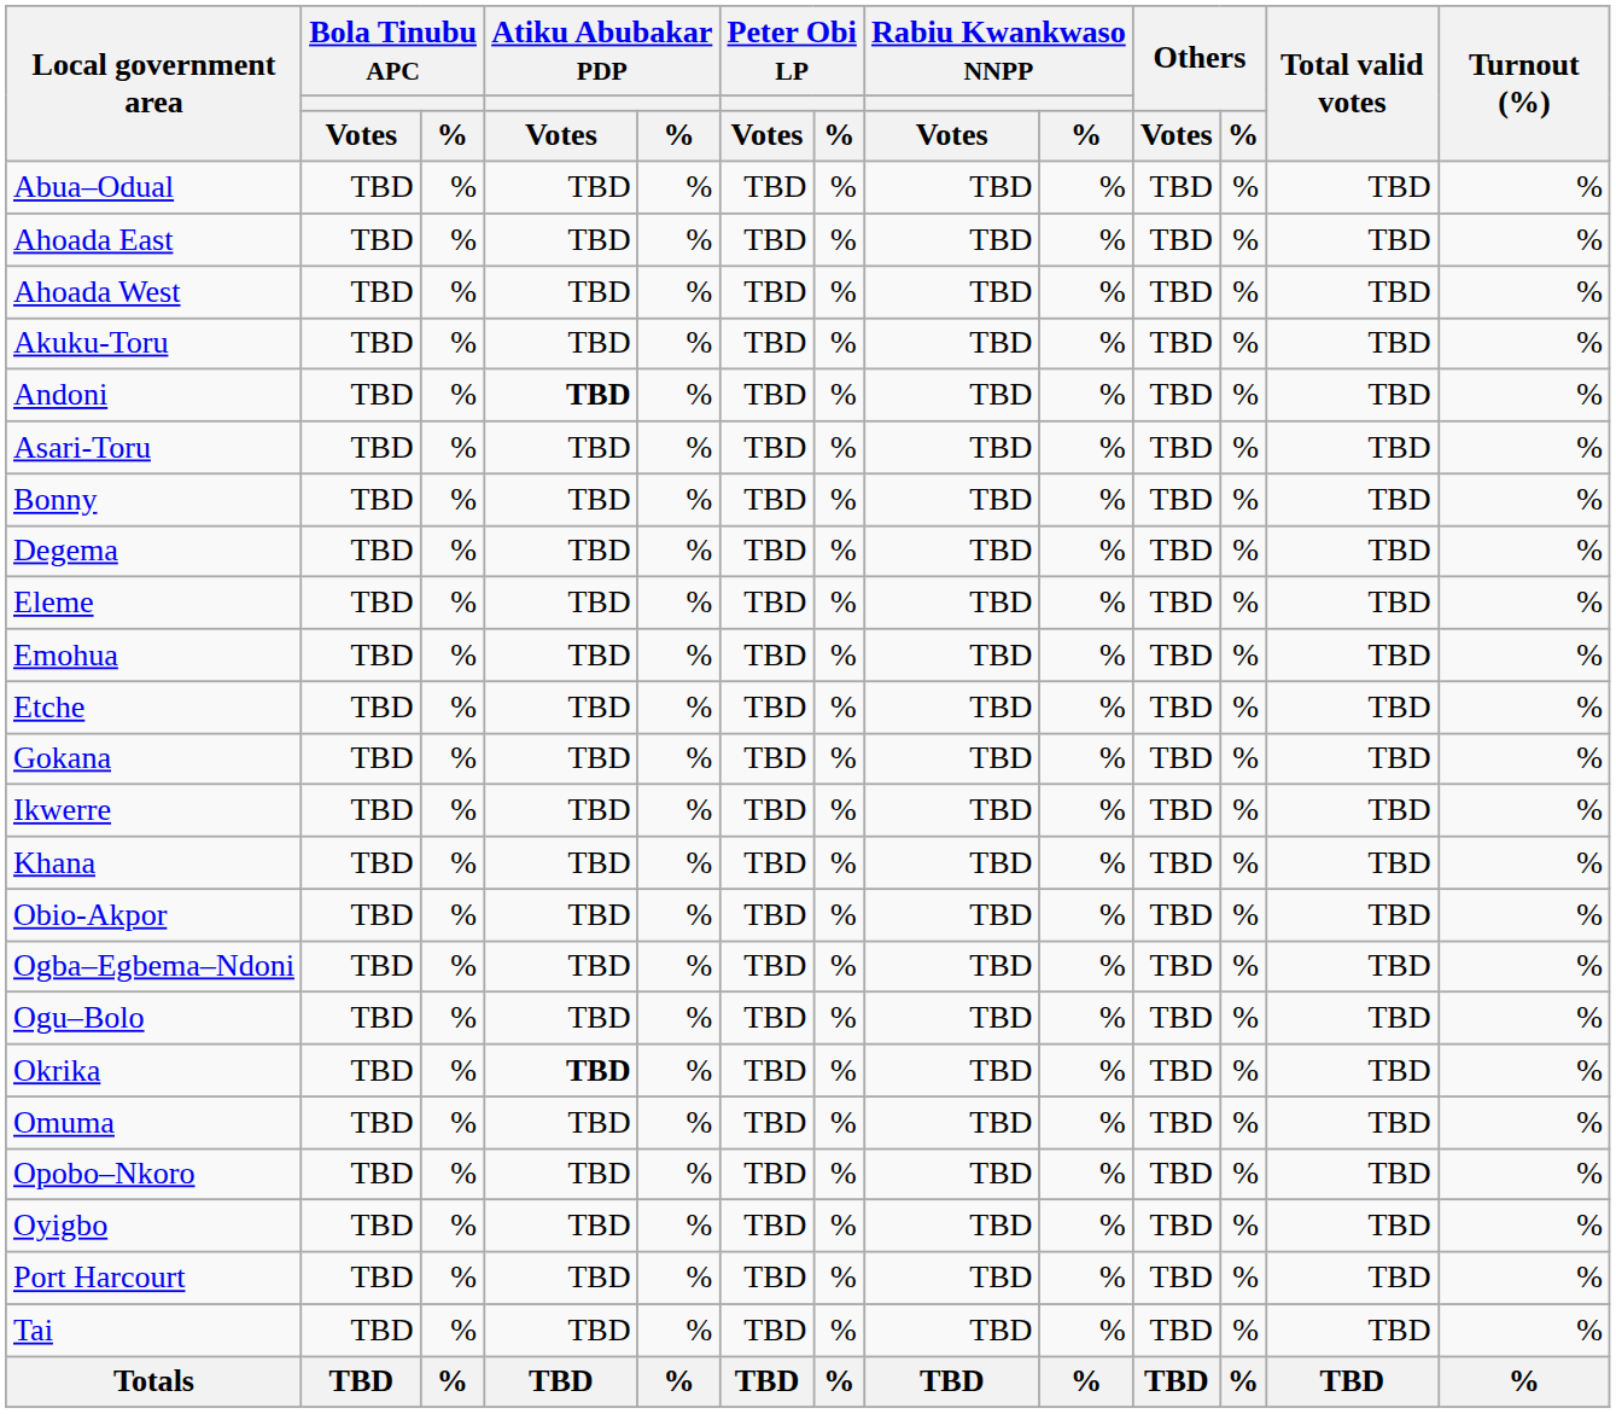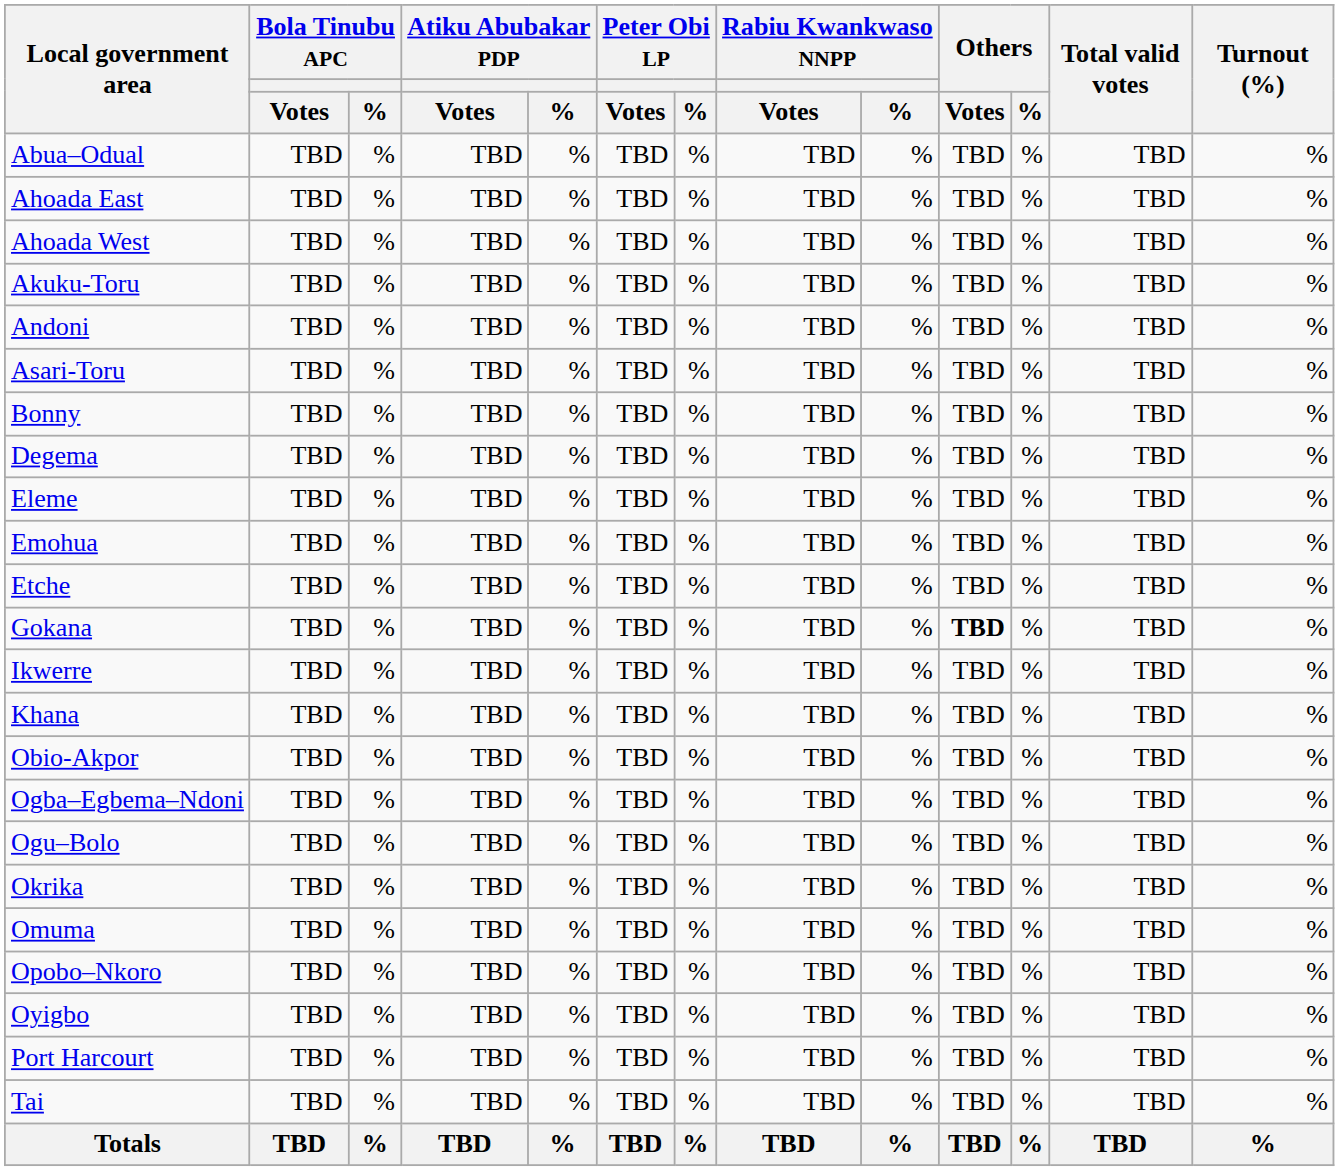 <table class="wikitable sortable" style="text-align:right; font-size:90%">
 <tr>
 <th rowspan="3" style="max-width:7.5em;">Local government area</th>
 <th colspan="2"><a href='#'>Bola Tinubu</a><br><small>APC</small></th>
 <th colspan="2"><a href='#'>Atiku Abubakar</a><br><small>PDP</small></th>
 <th colspan="2"><a href='#'>Peter Obi</a><br><small>LP</small></th>
 <th colspan="2"><a href='#'>Rabiu Kwankwaso</a><br><small>NNPP</small></th>
 <th colspan="2" rowspan="2">Others</th>
 <th rowspan="3" style="max-width:5em;">Total valid votes</th>
 <th rowspan="3" style="max-width:5em;">Turnout (%)</th>
 </tr>
 <tr>
 <th colspan=2 style="background-color:"></th>
 <th colspan=2 style="background-color:"></th>
 <th colspan=2 style="background-color:"></th>
 <th colspan=2 style="background-color:"></th>
 </tr>
 <tr>
 <th>Votes</th>
 <th>%</th>
 <th>Votes</th>
 <th>%</th>
 <th>Votes</th>
 <th>%</th>
 <th>Votes</th>
 <th>%</th>
 <th>Votes</th>
 <th>%</th>
 </tr>
 <tr style="background-color:#">
 <td style="text-align:left;"><a href='#'>Abua–Odual</a></td>
 <td>TBD</td>
 <td>%</td>
 <td>TBD</td>
 <td>%</td>
 <td>TBD</td>
 <td>%</td>
 <td>TBD</td>
 <td>%</td>
 <td>TBD</td>
 <td>%</td>
 <td>TBD</td>
 <td>%</td>
 </tr>
 <tr style="background-color:#">
 <td style="text-align:left;"><a href='#'>Ahoada East</a></td>
 <td>TBD</td>
 <td>%</td>
 <td>TBD</td>
 <td>%</td>
 <td>TBD</td>
 <td>%</td>
 <td>TBD</td>
 <td>%</td>
 <td>TBD</td>
 <td>%</td>
 <td>TBD</td>
 <td>%</td>
 </tr>
 <tr style="background-color:#">
 <td style="text-align:left;"><a href='#'>Ahoada West</a></td>
 <td>TBD</td>
 <td>%</td>
 <td>TBD</td>
 <td>%</td>
 <td>TBD</td>
 <td>%</td>
 <td>TBD</td>
 <td>%</td>
 <td>TBD</td>
 <td>%</td>
 <td>TBD</td>
 <td>%</td>
 </tr>
 <tr style="background-color:#">
 <td style="text-align:left;"><a href='#'>Akuku-Toru</a></td>
 <td>TBD</td>
 <td>%</td>
 <td>TBD</td>
 <td>%</td>
 <td>TBD</td>
 <td>%</td>
 <td>TBD</td>
 <td>%</td>
 <td>TBD</td>
 <td>%</td>
 <td>TBD</td>
 <td>%</td>
 </tr>
 <tr style="background-color:#">
 <td style="text-align:left;"><a href='#'>Andoni</a></td>
 <td>TBD</td>
 <td>%</td>
-<td><strong>TBD</strong></td>
+<td>TBD</td>
 <td>%</td>
 <td>TBD</td>
 <td>%</td>
 <td>TBD</td>
 <td>%</td>
 <td>TBD</td>
 <td>%</td>
 <td>TBD</td>
 <td>%</td>
 </tr>
 <tr style="background-color:#">
 <td style="text-align:left;"><a href='#'>Asari-Toru</a></td>
 <td>TBD</td>
 <td>%</td>
 <td>TBD</td>
 <td>%</td>
 <td>TBD</td>
 <td>%</td>
 <td>TBD</td>
 <td>%</td>
 <td>TBD</td>
 <td>%</td>
 <td>TBD</td>
 <td>%</td>
 </tr>
 <tr style="background-color:#">
 <td style="text-align:left;"><a href='#'>Bonny</a></td>
 <td>TBD</td>
 <td>%</td>
 <td>TBD</td>
 <td>%</td>
 <td>TBD</td>
 <td>%</td>
 <td>TBD</td>
 <td>%</td>
 <td>TBD</td>
 <td>%</td>
 <td>TBD</td>
 <td>%</td>
 </tr>
 <tr style="background-color:#">
 <td style="text-align:left;"><a href='#'>Degema</a></td>
 <td>TBD</td>
 <td>%</td>
 <td>TBD</td>
 <td>%</td>
 <td>TBD</td>
 <td>%</td>
 <td>TBD</td>
 <td>%</td>
 <td>TBD</td>
 <td>%</td>
 <td>TBD</td>
 <td>%</td>
 </tr>
 <tr style="background-color:#">
 <td style="text-align:left;"><a href='#'>Eleme</a></td>
 <td>TBD</td>
 <td>%</td>
 <td>TBD</td>
 <td>%</td>
 <td>TBD</td>
 <td>%</td>
 <td>TBD</td>
 <td>%</td>
 <td>TBD</td>
 <td>%</td>
 <td>TBD</td>
 <td>%</td>
 </tr>
 <tr style="background-color:#">
 <td style="text-align:left;"><a href='#'>Emohua</a></td>
 <td>TBD</td>
 <td>%</td>
 <td>TBD</td>
 <td>%</td>
 <td>TBD</td>
 <td>%</td>
 <td>TBD</td>
 <td>%</td>
 <td>TBD</td>
 <td>%</td>
 <td>TBD</td>
 <td>%</td>
 </tr>
 <tr style="background-color:#">
 <td style="text-align:left;"><a href='#'>Etche</a></td>
 <td>TBD</td>
 <td>%</td>
 <td>TBD</td>
 <td>%</td>
 <td>TBD</td>
 <td>%</td>
 <td>TBD</td>
 <td>%</td>
 <td>TBD</td>
 <td>%</td>
 <td>TBD</td>
 <td>%</td>
 </tr>
 <tr style="background-color:#">
 <td style="text-align:left;"><a href='#'>Gokana</a></td>
 <td>TBD</td>
 <td>%</td>
 <td>TBD</td>
 <td>%</td>
 <td>TBD</td>
 <td>%</td>
 <td>TBD</td>
 <td>%</td>
-<td>TBD</td>
+<td><strong>TBD</strong></td>
 <td>%</td>
 <td>TBD</td>
 <td>%</td>
 </tr>
 <tr style="background-color:#">
 <td style="text-align:left;"><a href='#'>Ikwerre</a></td>
 <td>TBD</td>
 <td>%</td>
 <td>TBD</td>
 <td>%</td>
 <td>TBD</td>
 <td>%</td>
 <td>TBD</td>
 <td>%</td>
 <td>TBD</td>
 <td>%</td>
 <td>TBD</td>
 <td>%</td>
 </tr>
 <tr style="background-color:#">
 <td style="text-align:left;"><a href='#'>Khana</a></td>
 <td>TBD</td>
 <td>%</td>
 <td>TBD</td>
 <td>%</td>
 <td>TBD</td>
 <td>%</td>
 <td>TBD</td>
 <td>%</td>
 <td>TBD</td>
 <td>%</td>
 <td>TBD</td>
 <td>%</td>
 </tr>
 <tr style="background-color:#">
 <td style="text-align:left;"><a href='#'>Obio-Akpor</a></td>
 <td>TBD</td>
 <td>%</td>
 <td>TBD</td>
 <td>%</td>
 <td>TBD</td>
 <td>%</td>
 <td>TBD</td>
 <td>%</td>
 <td>TBD</td>
 <td>%</td>
 <td>TBD</td>
 <td>%</td>
 </tr>
 <tr style="background-color:#">
 <td style="text-align:left;"><a href='#'>Ogba–Egbema–Ndoni</a></td>
 <td>TBD</td>
 <td>%</td>
 <td>TBD</td>
 <td>%</td>
 <td>TBD</td>
 <td>%</td>
 <td>TBD</td>
 <td>%</td>
 <td>TBD</td>
 <td>%</td>
 <td>TBD</td>
 <td>%</td>
 </tr>
 <tr style="background-color:#">
 <td style="text-align:left;"><a href='#'>Ogu–Bolo</a></td>
 <td>TBD</td>
 <td>%</td>
 <td>TBD</td>
 <td>%</td>
 <td>TBD</td>
 <td>%</td>
 <td>TBD</td>
 <td>%</td>
 <td>TBD</td>
 <td>%</td>
 <td>TBD</td>
 <td>%</td>
 </tr>
 <tr style="background-color:#">
 <td style="text-align:left;"><a href='#'>Okrika</a></td>
 <td>TBD</td>
 <td>%</td>
-<td><strong>TBD</strong></td>
+<td>TBD</td>
 <td>%</td>
 <td>TBD</td>
 <td>%</td>
 <td>TBD</td>
 <td>%</td>
 <td>TBD</td>
 <td>%</td>
 <td>TBD</td>
 <td>%</td>
 </tr>
 <tr style="background-color:#">
 <td style="text-align:left;"><a href='#'>Omuma</a></td>
 <td>TBD</td>
 <td>%</td>
 <td>TBD</td>
 <td>%</td>
 <td>TBD</td>
 <td>%</td>
 <td>TBD</td>
 <td>%</td>
 <td>TBD</td>
 <td>%</td>
 <td>TBD</td>
 <td>%</td>
 </tr>
 <tr style="background-color:#">
 <td style="text-align:left;"><a href='#'>Opobo–Nkoro</a></td>
 <td>TBD</td>
 <td>%</td>
 <td>TBD</td>
 <td>%</td>
 <td>TBD</td>
 <td>%</td>
 <td>TBD</td>
 <td>%</td>
 <td>TBD</td>
 <td>%</td>
 <td>TBD</td>
 <td>%</td>
 </tr>
 <tr style="background-color:#">
 <td style="text-align:left;"><a href='#'>Oyigbo</a></td>
 <td>TBD</td>
 <td>%</td>
 <td>TBD</td>
 <td>%</td>
 <td>TBD</td>
 <td>%</td>
 <td>TBD</td>
 <td>%</td>
 <td>TBD</td>
 <td>%</td>
 <td>TBD</td>
 <td>%</td>
 </tr>
 <tr style="background-color:#">
 <td style="text-align:left;"><a href='#'>Port Harcourt</a></td>
 <td>TBD</td>
 <td>%</td>
 <td>TBD</td>
 <td>%</td>
 <td>TBD</td>
 <td>%</td>
 <td>TBD</td>
 <td>%</td>
 <td>TBD</td>
 <td>%</td>
 <td>TBD</td>
 <td>%</td>
 </tr>
 <tr style="background-color:#">
 <td style="text-align:left;"><a href='#'>Tai</a></td>
 <td>TBD</td>
 <td>%</td>
 <td>TBD</td>
 <td>%</td>
 <td>TBD</td>
 <td>%</td>
 <td>TBD</td>
 <td>%</td>
 <td>TBD</td>
 <td>%</td>
 <td>TBD</td>
 <td>%</td>
 </tr>
 <tr>
 <th>Totals</th>
 <th>TBD</th>
 <th>%</th>
 <th>TBD</th>
 <th>%</th>
 <th>TBD</th>
 <th>%</th>
 <th>TBD</th>
 <th>%</th>
 <th>TBD</th>
 <th>%</th>
 <th>TBD</th>
 <th>%</th>
 </tr>
 </table>
